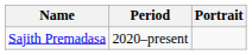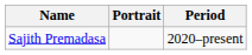 <table class="wikitable">
 <tr>
 <th style="background-color:">Name</th>
+<th style="background-color:">Portrait</th>
 <th style="background-color:">Period</th>
-<th style="background-color:">Portrait</th>
 </tr>
 <tr>
 <td><a href='#'>Sajith Premadasa</a></td>
+<td></td>
 <td>2020–present</td>
-<td></td>
 </tr>
 </table>
